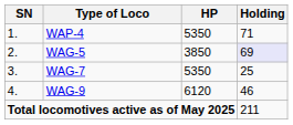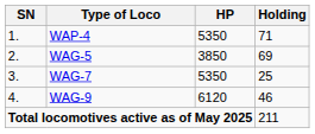 <table class="wikitable">
 <tr>
 <th>SN</th>
 <th>Type of Loco</th>
 <th>HP</th>
 <th>Holding</th>
 </tr>
 <tr>
 <td>1.</td>
 <td><a href='#'>WAP-4</a></td>
 <td>5350</td>
 <td>71</td>
 </tr>
 <tr>
 <td>2.</td>
 <td><a href='#'>WAG-5</a></td>
 <td>3850</td>
-<td style="background: lavender;">69</td>
+<td>69</td>
 </tr>
 <tr>
 <td>3.</td>
 <td><a href='#'>WAG-7</a></td>
 <td>5350</td>
 <td>25</td>
 </tr>
 <tr>
 <td>4.</td>
 <td><a href='#'>WAG-9</a></td>
 <td>6120</td>
 <td>46</td>
 </tr>
 <tr>
 <td colspan="3"><strong>Total locomotives active as of May 2025</strong></td>
 <td>211</td>
 </tr>
 </table>
